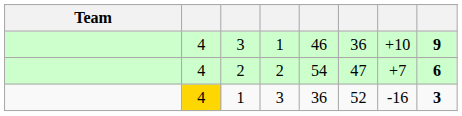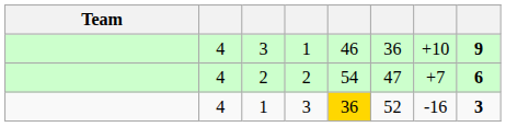 <table class="wikitable" style="text-align:center;font-size:95%">
 <tr>
 <th width=160>Team</th>
 <th width=30></th>
 <th width=30></th>
 <th width=30></th>
 <th width=30></th>
 <th width=30></th>
 <th width=30></th>
 <th width=30></th>
 </tr>
 <tr bgcolor=ccffcc>
 <td align="left"></td>
 <td>4</td>
 <td>3</td>
 <td>1</td>
 <td>46</td>
 <td>36</td>
 <td>+10</td>
 <td><strong>9</strong></td>
 </tr>
 <tr bgcolor=ccffcc>
 <td align="left"></td>
 <td>4</td>
 <td>2</td>
 <td>2</td>
 <td>54</td>
 <td>47</td>
 <td>+7</td>
 <td><strong>6</strong></td>
 </tr>
 <tr>
 <td align="left"></td>
-<td style="background: gold;">4</td>
+<td>4</td>
 <td>1</td>
 <td>3</td>
-<td>36</td>
+<td style="background: gold;">36</td>
 <td>52</td>
 <td>-16</td>
 <td><strong>3</strong></td>
 </tr>
 </table>
